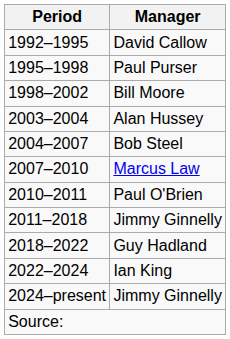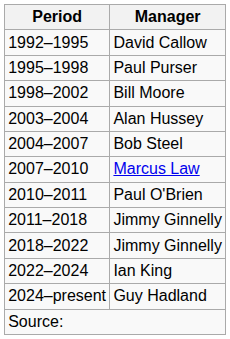 <table class="wikitable">
 <tr>
 <th>Period</th>
 <th>Manager</th>
 </tr>
 <tr>
 <td>1992–1995</td>
 <td>David Callow</td>
 </tr>
 <tr>
 <td>1995–1998</td>
 <td>Paul Purser</td>
 </tr>
 <tr>
 <td>1998–2002</td>
 <td>Bill Moore</td>
 </tr>
 <tr>
 <td>2003–2004</td>
 <td>Alan Hussey</td>
 </tr>
 <tr>
 <td>2004–2007</td>
 <td>Bob Steel</td>
 </tr>
 <tr>
 <td>2007–2010</td>
 <td><a href='#'>Marcus Law</a></td>
 </tr>
 <tr>
 <td>2010–2011</td>
 <td>Paul O'Brien</td>
 </tr>
 <tr>
 <td>2011–2018</td>
 <td>Jimmy Ginnelly</td>
 </tr>
 <tr>
 <td>2018–2022</td>
-<td>Guy Hadland</td>
+<td>Jimmy Ginnelly</td>
 </tr>
 <tr>
 <td>2022–2024</td>
 <td>Ian King</td>
 </tr>
 <tr>
 <td>2024–present</td>
-<td>Jimmy Ginnelly</td>
+<td>Guy Hadland</td>
 </tr>
 <tr>
 <td colspan=2>Source: </td>
 </tr>
 </table>
